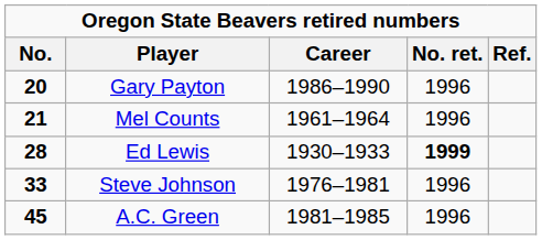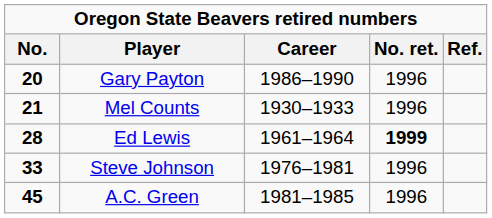 <table class="wikitable sortable" style="text-align:center">
 <tr>
 <td colspan=6><strong>Oregon State Beavers retired numbers</strong></td>
 </tr>
 <tr>
 <th width=40px>No.</th>
 <th width=150px>Player</th>
 <th width=100px>Career</th>
 <th width=px>No. ret.</th>
 <th width=px>Ref.</th>
 </tr>
 <tr>
 <td><strong>20</strong></td>
 <td><a href='#'>Gary Payton</a></td>
 <td>1986–1990</td>
 <td>1996</td>
 <td></td>
 </tr>
 <tr>
 <td><strong>21</strong></td>
 <td><a href='#'>Mel Counts</a></td>
-<td>1961–1964</td>
+<td>1930–1933</td>
 <td>1996</td>
 <td></td>
 </tr>
 <tr>
 <td><strong>28</strong></td>
 <td><a href='#'>Ed Lewis</a></td>
-<td>1930–1933</td>
+<td>1961–1964</td>
 <td><strong>1999</strong></td>
 <td></td>
 </tr>
 <tr>
 <td><strong>33</strong></td>
 <td><a href='#'>Steve Johnson</a></td>
 <td>1976–1981</td>
 <td>1996</td>
 <td></td>
 </tr>
 <tr>
 <td><strong>45</strong></td>
 <td><a href='#'>A.C. Green</a></td>
 <td>1981–1985</td>
 <td>1996</td>
 <td></td>
 </tr>
 </table>
